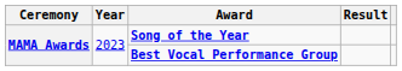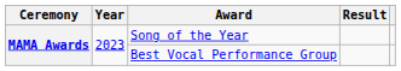 <table class="wikitable plainrowheaders">
 <tr>
 <th scope="col">Ceremony</th>
 <th scope="col">Year</th>
 <th scope="col">Award</th>
 <th scope="col">Result</th>
 <th scope="col" class="unsortable"></th>
 </tr>
 <tr>
 <th scope="row" rowspan="3"><a href='#'>MAMA Awards</a></th>
 <td rowspan="3"><a href='#'>2023</a></td>
-<td><strong><a href='#'>Song of the Year</a></strong></td>
+<td><a href='#'>Song of the Year</a></td>
 <td></td>
 <td style="text-align:center;"></td>
 </tr>
 <tr>
-<td><strong><a href='#'>Best Vocal Performance Group</a></strong></td>
+<td><a href='#'>Best Vocal Performance Group</a></td>
 <td></td>
 <td style="text-align:center;"></td>
 </tr>
 </table>
